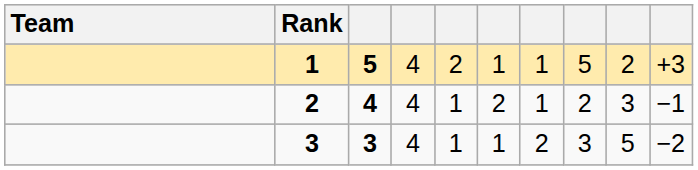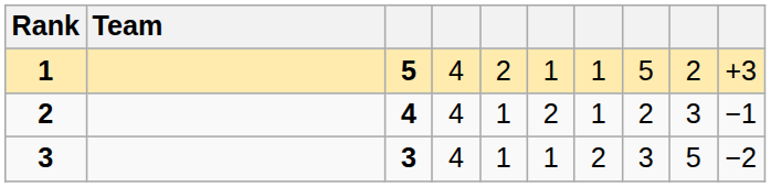 <table class="wikitable" style="text-align: center;">
 <tr>
+<th width=30>Rank</th>
 <th width=165 style="text-align:left;">Team</th>
-<th width=30>Rank</th>
 <th width=20></th>
 <th width=20></th>
 <th width=20></th>
 <th width=20></th>
 <th width=20></th>
 <th width=20></th>
 <th width=20></th>
 <th width=20></th>
 </tr>
 <tr style="background:#ffebad;">
+<td><strong>1</strong></td>
 <td style="text-align:left;"></td>
-<td><strong>1</strong></td>
 <td><strong>5</strong></td>
 <td>4</td>
 <td>2</td>
 <td>1</td>
 <td>1</td>
 <td>5</td>
 <td>2</td>
 <td>+3</td>
 </tr>
 <tr>
+<td><strong>2</strong></td>
 <td style="text-align:left;"></td>
-<td><strong>2</strong></td>
 <td><strong>4</strong></td>
 <td>4</td>
 <td>1</td>
 <td>2</td>
 <td>1</td>
 <td>2</td>
 <td>3</td>
 <td>−1</td>
 </tr>
 <tr>
+<td><strong>3</strong></td>
 <td style="text-align:left;"></td>
-<td><strong>3</strong></td>
 <td><strong>3</strong></td>
 <td>4</td>
 <td>1</td>
 <td>1</td>
 <td>2</td>
 <td>3</td>
 <td>5</td>
 <td>−2</td>
 </tr>
 </table>
